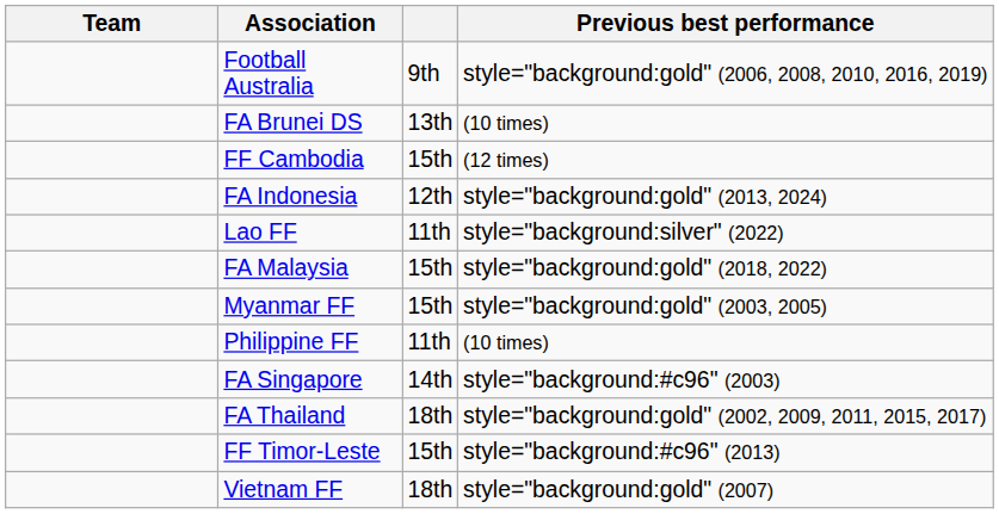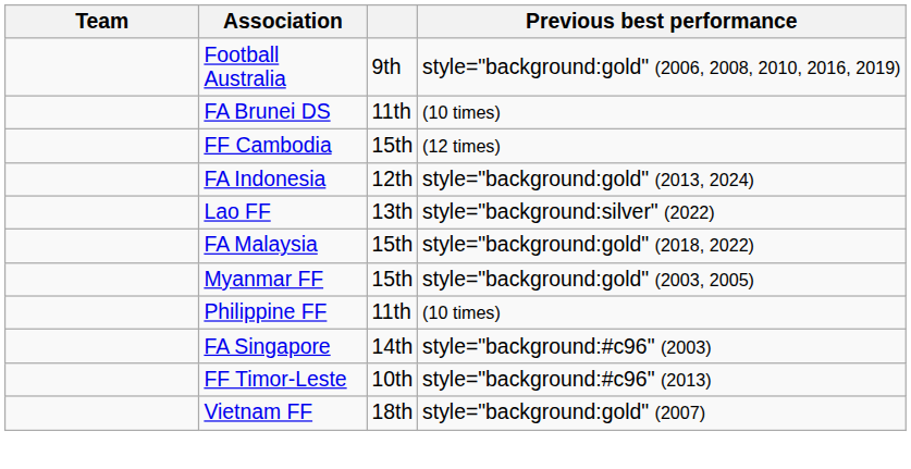 <table class="wikitable sortable">
 <tr>
 <th style="width:140px;">Team</th>
 <th style="width:120px;">Association</th>
 <th></th>
 <th>Previous best performance</th>
 </tr>
 <tr>
 <td></td>
 <td><a href='#'>Football Australia</a></td>
 <td>9th</td>
 <td>style="background:gold"  <small>(2006, 2008, 2010, 2016, 2019)</small></td>
 </tr>
 <tr>
 <td></td>
 <td><a href='#'>FA Brunei DS</a></td>
-<td>13th</td>
+<td>11th</td>
 <td> <small>(10 times)</small></td>
 </tr>
 <tr>
 <td></td>
 <td><a href='#'>FF Cambodia</a></td>
 <td>15th</td>
 <td> <small>(12 times)</small></td>
 </tr>
 <tr>
 <td></td>
 <td><a href='#'>FA Indonesia</a></td>
 <td>12th</td>
 <td>style="background:gold"  <small>(2013, 2024)</small></td>
 </tr>
 <tr>
 <td></td>
 <td><a href='#'>Lao FF</a></td>
-<td>11th</td>
+<td>13th</td>
 <td>style="background:silver"  <small>(2022)</small></td>
 </tr>
 <tr>
 <td></td>
 <td><a href='#'>FA Malaysia</a></td>
 <td>15th</td>
 <td>style="background:gold"  <small>(2018, 2022)</small></td>
 </tr>
 <tr>
 <td></td>
 <td><a href='#'>Myanmar FF</a></td>
 <td>15th</td>
 <td>style="background:gold"  <small>(2003, 2005)</small></td>
 </tr>
 <tr>
 <td></td>
 <td><a href='#'>Philippine FF</a></td>
 <td>11th</td>
 <td> <small>(10 times)</small></td>
 </tr>
 <tr>
 <td></td>
 <td><a href='#'>FA Singapore</a></td>
 <td>14th</td>
 <td>style="background:#c96"  <small>(2003)</small></td>
 </tr>
 <tr>
 <td></td>
-<td><a href='#'>FA Thailand</a></td>
-<td>18th</td>
-<td>style="background:gold"  <small>(2002, 2009, 2011, 2015, 2017)</small></td>
-</tr>
-<tr>
-<td></td>
 <td><a href='#'>FF Timor-Leste</a></td>
-<td>15th</td>
+<td>10th</td>
 <td>style="background:#c96"  <small>(2013)</small></td>
 </tr>
 <tr>
 <td></td>
 <td><a href='#'>Vietnam FF</a></td>
 <td>18th</td>
 <td>style="background:gold"  <small>(2007)</small></td>
 </tr>
 </table>
